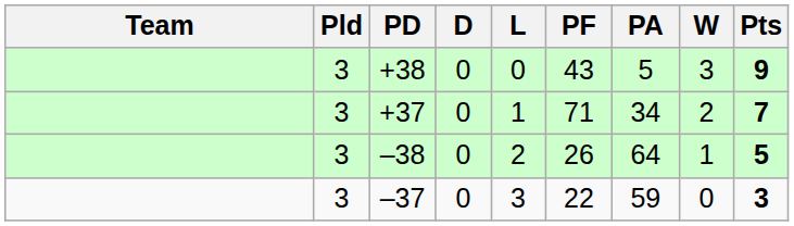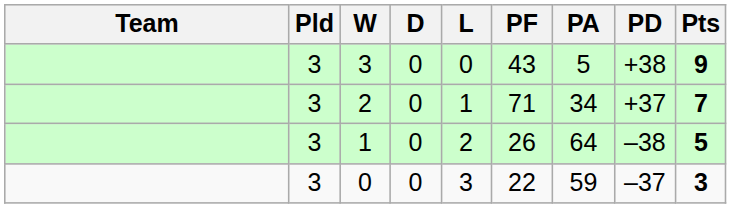 <table class="wikitable" style="text-align:center;">
 <tr>
 <th width=175>Team</th>
 <th width=25 abbr="Played">Pld</th>
-<th width=32 abbr="Points difference">PD</th>
+<th width=25 abbr="Won">W</th>
 <th width=25 abbr="Drawn">D</th>
 <th width=25 abbr="Lost">L</th>
 <th width=32 abbr="Points for">PF</th>
 <th width=32 abbr="Points against">PA</th>
-<th width=25 abbr="Won">W</th>
+<th width=32 abbr="Points difference">PD</th>
 <th width=25 abbr="Points">Pts</th>
 </tr>
 <tr bgcolor=ccffcc>
 <td align=left></td>
 <td>3</td>
-<td>+38</td>
+<td>3</td>
 <td>0</td>
 <td>0</td>
 <td>43</td>
 <td>5</td>
-<td>3</td>
+<td>+38</td>
 <td><strong>9</strong></td>
 </tr>
 <tr bgcolor=ccffcc>
 <td align=left></td>
 <td>3</td>
-<td>+37</td>
+<td>2</td>
 <td>0</td>
 <td>1</td>
 <td>71</td>
 <td>34</td>
-<td>2</td>
+<td>+37</td>
 <td><strong>7</strong></td>
 </tr>
 <tr bgcolor=ccffcc>
 <td align=left></td>
 <td>3</td>
-<td>–38</td>
+<td>1</td>
 <td>0</td>
 <td>2</td>
 <td>26</td>
 <td>64</td>
-<td>1</td>
+<td>–38</td>
 <td><strong>5</strong></td>
 </tr>
 <tr>
 <td align=left></td>
 <td>3</td>
-<td>–37</td>
+<td>0</td>
 <td>0</td>
 <td>3</td>
 <td>22</td>
 <td>59</td>
-<td>0</td>
+<td>–37</td>
 <td><strong>3</strong></td>
 </tr>
 </table>
